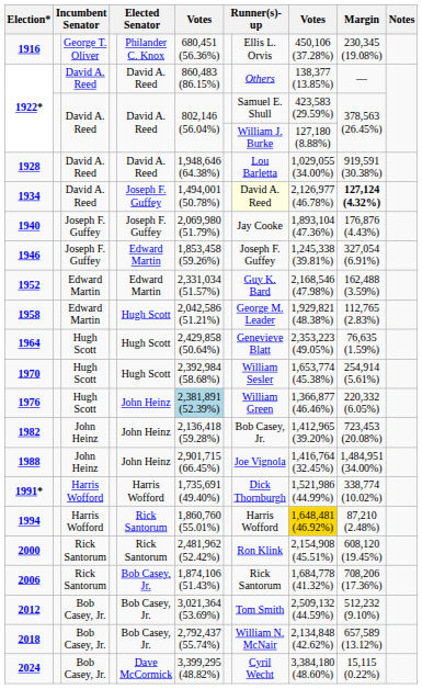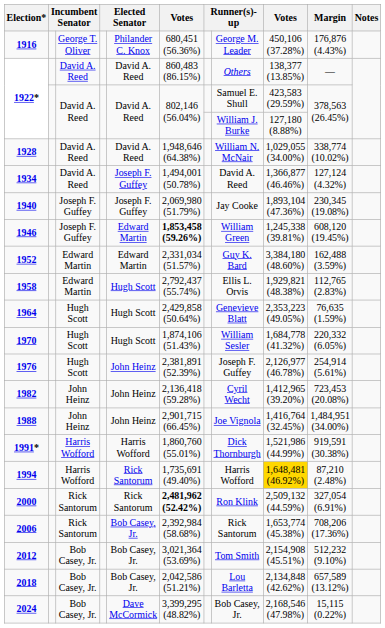 <table class="wikitable" style="text-align: center;">
 <tr>
 <th>Election*</th>
 <th colspan=2>Incumbent Senator</th>
 <th colspan=2>Elected Senator</th>
 <th>Votes</th>
 <th colspan=2>Runner(s)-up</th>
 <th>Votes</th>
 <th>Margin</th>
 <th>Notes</th>
 </tr>
 <tr>
 <td><strong><a href='#'>1916</a></strong></td>
 <td style="background: "> </td>
 <td><a href='#'>George T. Oliver</a></td>
 <td style="background: "> </td>
 <td><a href='#'>Philander C. Knox</a></td>
 <td>680,451 (56.36%)</td>
 <td style="background: "> </td>
-<td>Ellis L. Orvis</td>
+<td><a href='#'>George M. Leader</a></td>
 <td>450,106 (37.28%)</td>
-<td>230,345 (19.08%)</td>
+<td>176,876 (4.43%)</td>
 <td></td>
 </tr>
 <tr>
 <th style="background: #FFFFFF;" rowspan=3><strong><a href='#'>1922</a>*</strong></th>
 <td style="background: "> </td>
 <td><a href='#'>David A. Reed</a></td>
 <td style="background: "> </td>
 <td>David A. Reed</td>
 <td>860,483 (86.15%)</td>
 <td style="background: "> </td>
 <td><em><a href='#'>Others</a></em></td>
 <td>138,377 (13.85%)</td>
 <td>—</td>
 <td rowspan=3><br></td>
 </tr>
 <tr>
 <td rowspan=2 style="background: "> </td>
 <td rowspan=2>David A. Reed</td>
 <td rowspan=2 style="background: "> </td>
 <td rowspan=2>David A. Reed</td>
 <td rowspan=2>802,146 (56.04%)</td>
 <td style="background: "> </td>
 <td>Samuel E. Shull</td>
 <td>423,583 (29.59%)</td>
 <td rowspan=2>378,563 (26.45%)</td>
 </tr>
 <tr>
 <td style="background: "> </td>
 <td><a href='#'>William J. Burke</a></td>
 <td>127,180 (8.88%)</td>
 </tr>
 <tr>
 <td><strong><a href='#'>1928</a></strong></td>
 <td style="background: "> </td>
 <td>David A. Reed</td>
 <td style="background: "> </td>
 <td>David A. Reed</td>
 <td>1,948,646 (64.38%)</td>
 <td style="background: "> </td>
-<td><a href='#'>Lou Barletta</a></td>
+<td><a href='#'>William N. McNair</a></td>
 <td>1,029,055 (34.00%)</td>
-<td>919,591 (30.38%)</td>
+<td>338,774 (10.02%)</td>
 <td></td>
 </tr>
 <tr>
 <td><strong><a href='#'>1934</a></strong></td>
 <td style="background: "> </td>
 <td>David A. Reed</td>
 <td style="background: "> </td>
 <td><a href='#'>Joseph F. Guffey</a></td>
 <td>1,494,001 (50.78%)</td>
 <td style="background: "> </td>
-<td style="background: lightyellow;">David A. Reed</td>
-<td>2,126,977 (46.78%)</td>
-<td><strong>127,124 (4.32%)</strong></td>
+<td>David A. Reed</td>
+<td>1,366,877 (46.46%)</td>
+<td>127,124 (4.32%)</td>
 <td></td>
 </tr>
 <tr>
 <td><strong><a href='#'>1940</a></strong></td>
 <td style="background: "> </td>
 <td>Joseph F. Guffey</td>
 <td style="background: "> </td>
 <td>Joseph F. Guffey</td>
 <td>2,069,980 (51.79%)</td>
 <td style="background: "> </td>
 <td>Jay Cooke</td>
 <td>1,893,104 (47.36%)</td>
-<td>176,876 (4.43%)</td>
+<td>230,345 (19.08%)</td>
 <td></td>
 </tr>
 <tr>
 <td><strong><a href='#'>1946</a></strong></td>
 <td style="background: "> </td>
 <td>Joseph F. Guffey</td>
 <td style="background: "> </td>
 <td><a href='#'>Edward Martin</a></td>
-<td>1,853,458 (59.26%)</td>
+<td><strong>1,853,458 (59.26%)</strong></td>
 <td style="background: "> </td>
-<td>Joseph F. Guffey</td>
+<td><a href='#'>William Green</a></td>
 <td>1,245,338 (39.81%)</td>
-<td>327,054 (6.91%)</td>
+<td>608,120 (19.45%)</td>
 <td></td>
 </tr>
 <tr>
 <td><strong><a href='#'>1952</a></strong></td>
 <td style="background: "> </td>
 <td>Edward Martin</td>
 <td style="background: "> </td>
 <td>Edward Martin</td>
 <td>2,331,034 (51.57%)</td>
 <td style="background: "> </td>
 <td><a href='#'>Guy K. Bard</a></td>
-<td>2,168,546 (47.98%)</td>
+<td>3,384,180 (48.60%)</td>
 <td>162,488 (3.59%)</td>
 <td></td>
 </tr>
 <tr>
 <td><strong><a href='#'>1958</a></strong></td>
 <td style="background: "> </td>
 <td>Edward Martin</td>
 <td style="background: "> </td>
 <td><a href='#'>Hugh Scott</a></td>
-<td>2,042,586 (51.21%)</td>
+<td>2,792,437 (55.74%)</td>
 <td style="background: "> </td>
-<td><a href='#'>George M. Leader</a></td>
+<td>Ellis L. Orvis</td>
 <td>1,929,821 (48.38%)</td>
 <td>112,765 (2.83%)</td>
 <td></td>
 </tr>
 <tr>
 <td><strong><a href='#'>1964</a></strong></td>
 <td style="background: "> </td>
 <td>Hugh Scott</td>
 <td style="background: "> </td>
 <td>Hugh Scott</td>
 <td>2,429,858 (50.64%)</td>
 <td style="background: "> </td>
 <td><a href='#'>Genevieve Blatt</a></td>
 <td>2,353,223 (49.05%)</td>
 <td>76,635 (1.59%)</td>
 <td></td>
 </tr>
 <tr>
 <td><strong><a href='#'>1970</a></strong></td>
 <td style="background: "> </td>
 <td>Hugh Scott</td>
 <td style="background: "> </td>
 <td>Hugh Scott</td>
-<td>2,392,984 (58.68%)</td>
+<td>1,874,106 (51.43%)</td>
 <td style="background: "> </td>
 <td><a href='#'>William Sesler</a></td>
-<td>1,653,774 (45.38%)</td>
-<td>254,914 (5.61%)</td>
+<td>1,684,778 (41.32%)</td>
+<td>220,332 (6.05%)</td>
 <td></td>
 </tr>
 <tr>
 <td><strong><a href='#'>1976</a></strong></td>
 <td style="background: "> </td>
 <td>Hugh Scott</td>
 <td style="background: "> </td>
 <td><a href='#'>John Heinz</a></td>
-<td style="background: lightblue;">2,381,891 (52.39%)</td>
+<td>2,381,891 (52.39%)</td>
 <td style="background: "> </td>
-<td><a href='#'>William Green</a></td>
-<td>1,366,877 (46.46%)</td>
-<td>220,332 (6.05%)</td>
+<td>Joseph F. Guffey</td>
+<td>2,126,977 (46.78%)</td>
+<td>254,914 (5.61%)</td>
 <td></td>
 </tr>
 <tr>
 <td><strong><a href='#'>1982</a></strong></td>
 <td style="background: "> </td>
 <td>John Heinz</td>
 <td style="background: "> </td>
 <td>John Heinz</td>
 <td>2,136,418 (59.28%)</td>
 <td style="background: "> </td>
-<td>Bob Casey, Jr.</td>
+<td><a href='#'>Cyril Wecht</a></td>
 <td>1,412,965 (39.20%)</td>
 <td>723,453 (20.08%)</td>
 <td></td>
 </tr>
 <tr>
 <td><strong><a href='#'>1988</a></strong></td>
 <td style="background: "> </td>
 <td>John Heinz</td>
 <td style="background: "> </td>
 <td>John Heinz</td>
 <td>2,901,715 (66.45%)</td>
 <td style="background: "> </td>
 <td><a href='#'>Joe Vignola</a></td>
 <td>1,416,764 (32.45%)</td>
 <td>1,484,951 (34.00%)</td>
 <td></td>
 </tr>
 <tr>
 <td><strong><a href='#'>1991</a>*</strong></td>
 <td style="background: "> </td>
 <td><a href='#'>Harris Wofford</a></td>
 <td style="background: "> </td>
 <td>Harris Wofford</td>
-<td>1,735,691 (49.40%)</td>
+<td>1,860,760 (55.01%)</td>
 <td style="background: "> </td>
 <td><a href='#'>Dick Thornburgh</a></td>
 <td>1,521,986 (44.99%)</td>
-<td>338,774 (10.02%)</td>
+<td>919,591 (30.38%)</td>
 <td><br></td>
 </tr>
 <tr>
 <td><strong><a href='#'>1994</a></strong></td>
 <td style="background: "> </td>
 <td>Harris Wofford</td>
 <td style="background: "> </td>
 <td><a href='#'>Rick Santorum</a></td>
-<td>1,860,760 (55.01%)</td>
+<td>1,735,691 (49.40%)</td>
 <td style="background: "> </td>
 <td>Harris Wofford</td>
 <td style="background: gold;">1,648,481 (46.92%)</td>
 <td>87,210 (2.48%)</td>
 <td></td>
 </tr>
 <tr>
 <td><strong><a href='#'>2000</a></strong></td>
 <td style="background: "> </td>
 <td>Rick Santorum</td>
 <td style="background: "> </td>
 <td>Rick Santorum</td>
-<td>2,481,962 (52.42%)</td>
+<td><strong>2,481,962 (52.42%)</strong></td>
 <td style="background: "> </td>
 <td><a href='#'>Ron Klink</a></td>
-<td>2,154,908 (45.51%)</td>
-<td>608,120 (19.45%)</td>
+<td>2,509,132 (44.59%)</td>
+<td>327,054 (6.91%)</td>
 <td></td>
 </tr>
 <tr>
 <td><strong><a href='#'>2006</a></strong></td>
 <td style="background: "> </td>
 <td>Rick Santorum</td>
 <td style="background: "> </td>
 <td><a href='#'>Bob Casey, Jr.</a></td>
-<td>1,874,106 (51.43%)</td>
+<td>2,392,984 (58.68%)</td>
 <td style="background: "> </td>
 <td>Rick Santorum</td>
-<td>1,684,778 (41.32%)</td>
+<td>1,653,774 (45.38%)</td>
 <td>708,206 (17.36%)</td>
 <td></td>
 </tr>
 <tr>
 <td><strong><a href='#'>2012</a></strong></td>
 <td style="background: "> </td>
 <td>Bob Casey, Jr.</td>
 <td style="background: "> </td>
 <td>Bob Casey, Jr.</td>
 <td>3,021,364 (53.69%)</td>
 <td style="background: "> </td>
 <td><a href='#'>Tom Smith</a></td>
-<td>2,509,132 (44.59%)</td>
+<td>2,154,908 (45.51%)</td>
 <td>512,232 (9.10%)</td>
 <td></td>
 </tr>
 <tr>
 <td><strong><a href='#'>2018</a></strong></td>
 <td style="background: "> </td>
 <td>Bob Casey, Jr.</td>
 <td style="background: "> </td>
 <td>Bob Casey, Jr.</td>
-<td>2,792,437 (55.74%)</td>
+<td>2,042,586 (51.21%)</td>
 <td style="background: "> </td>
-<td><a href='#'>William N. McNair</a></td>
+<td><a href='#'>Lou Barletta</a></td>
 <td>2,134,848 (42.62%)</td>
 <td>657,589 (13.12%)</td>
 <td></td>
 </tr>
 <tr>
 <td><strong><a href='#'>2024</a></strong></td>
 <td style="background: "> </td>
 <td>Bob Casey, Jr.</td>
 <td style="background: "> </td>
 <td><a href='#'>Dave McCormick</a></td>
 <td>3,399,295 (48.82%)</td>
 <td style="background: "> </td>
-<td><a href='#'>Cyril Wecht</a></td>
-<td>3,384,180 (48.60%)</td>
+<td>Bob Casey, Jr.</td>
+<td>2,168,546 (47.98%)</td>
 <td>15,115 (0.22%)</td>
 <td></td>
 </tr>
 </table>
